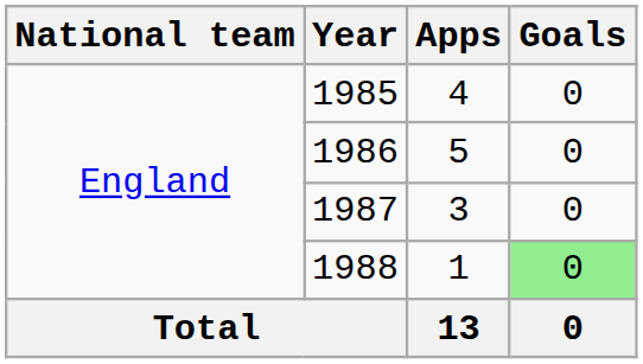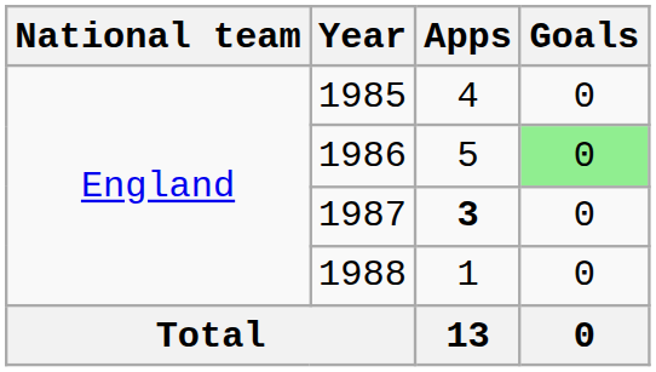 <table class="wikitable" style="text-align:center">
 <tr>
 <th>National team</th>
 <th>Year</th>
 <th>Apps</th>
 <th>Goals</th>
 </tr>
 <tr>
 <td rowspan="4"><a href='#'>England</a></td>
 <td>1985</td>
 <td>4</td>
 <td>0</td>
 </tr>
 <tr>
 <td>1986</td>
 <td>5</td>
-<td>0</td>
+<td style="background: lightgreen;">0</td>
 </tr>
 <tr>
 <td>1987</td>
-<td>3</td>
+<td><strong>3</strong></td>
 <td>0</td>
 </tr>
 <tr>
 <td>1988</td>
 <td>1</td>
-<td style="background: lightgreen;">0</td>
+<td>0</td>
 </tr>
 <tr>
 <th colspan="2">Total</th>
 <th>13</th>
 <th>0</th>
 </tr>
 </table>
